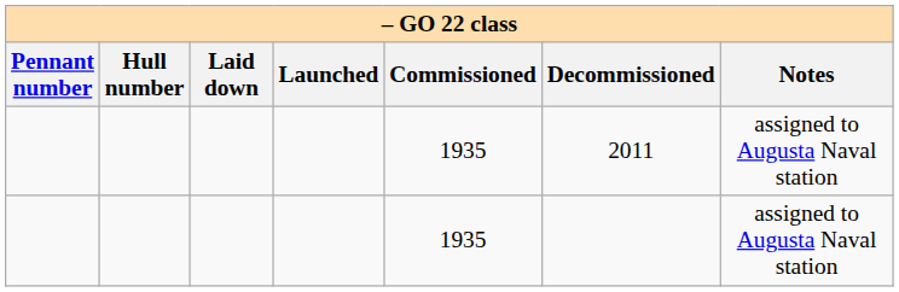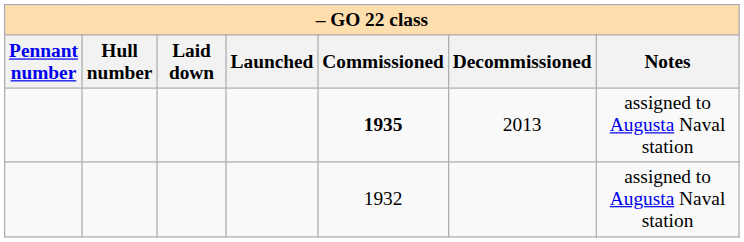 <table border="1" class="sortable wikitable">
 <tr>
 <th colspan="11" style="background:#ffdead;"> – GO 22 class</th>
 </tr>
 <tr>
 <th><a href='#'>Pennant<br>number</a></th>
 <th>Hull<br>number</th>
 <th>Laid down</th>
 <th>Launched</th>
 <th>Commissioned</th>
 <th>Decommissioned</th>
 <th>Notes</th>
 </tr>
 <tr style="text-align:center;">
 <td><em></em></td>
 <td></td>
 <td></td>
 <td></td>
-<td>1935</td>
-<td>2011</td>
+<td><strong>1935</strong></td>
+<td>2013</td>
 <td>assigned to <a href='#'>Augusta</a> Naval station</td>
 </tr>
 <tr style="text-align:center;">
 <td></td>
 <td></td>
 <td></td>
 <td></td>
-<td>1935</td>
+<td>1932</td>
 <td></td>
 <td>assigned to <a href='#'>Augusta</a> Naval station</td>
 </tr>
 </table>
